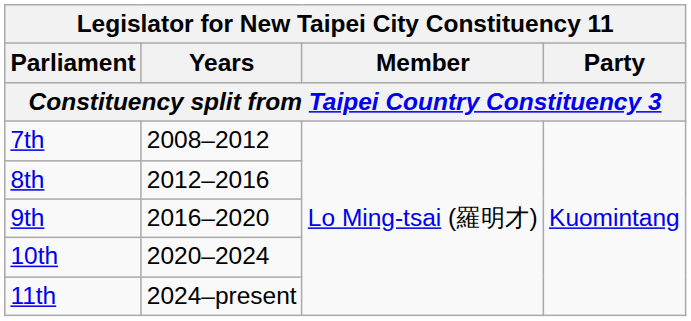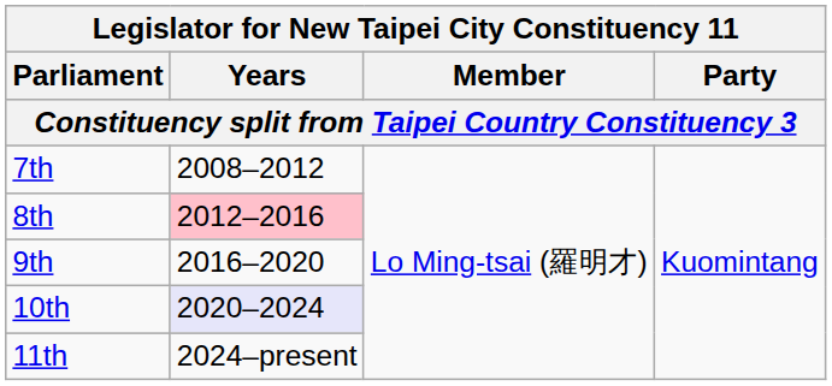 <table class=wikitable>
 <tr>
 <th colspan="4">Legislator for New Taipei City Constituency 11</th>
 </tr>
 <tr>
 <th>Parliament</th>
 <th>Years</th>
 <th>Member</th>
 <th>Party</th>
 </tr>
 <tr>
 <th colspan=4 align=center><em>Constituency split from <a href='#'>Taipei Country Constituency 3</a> </em></th>
 </tr>
 <tr>
 <td><a href='#'>7th</a></td>
 <td>2008–2012</td>
 <td rowspan=5><a href='#'>Lo Ming-tsai</a> (羅明才)</td>
 <td rowspan=5><a href='#'>Kuomintang</a></td>
 </tr>
 <tr>
 <td><a href='#'>8th</a></td>
-<td>2012–2016</td>
+<td style="background: pink;">2012–2016</td>
 </tr>
 <tr>
 <td><a href='#'>9th</a></td>
 <td>2016–2020</td>
 </tr>
 <tr>
 <td><a href='#'>10th</a></td>
-<td>2020–2024</td>
+<td style="background: lavender;">2020–2024</td>
 </tr>
 <tr>
 <td><a href='#'>11th</a></td>
 <td>2024–present</td>
 </tr>
 </table>
